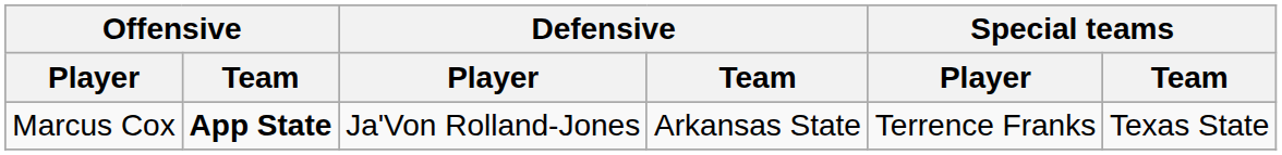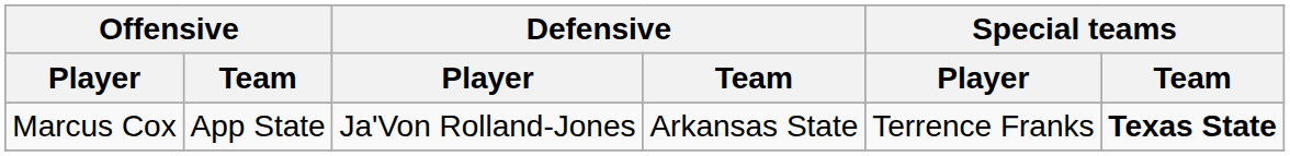 <table class="wikitable">
 <tr>
 <th colspan="2">Offensive</th>
 <th colspan="2">Defensive</th>
 <th colspan="2">Special teams</th>
 </tr>
 <tr>
 <th>Player</th>
 <th>Team</th>
 <th>Player</th>
 <th>Team</th>
 <th>Player</th>
 <th>Team</th>
 </tr>
 <tr>
 <td>Marcus Cox</td>
-<td><strong>App State</strong></td>
+<td>App State</td>
 <td>Ja'Von Rolland-Jones</td>
 <td>Arkansas State</td>
 <td>Terrence Franks</td>
-<td>Texas State</td>
+<td><strong>Texas State</strong></td>
 </tr>
 </table>
